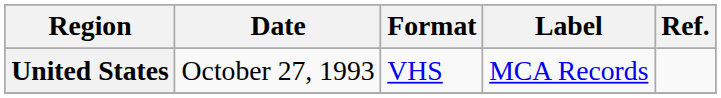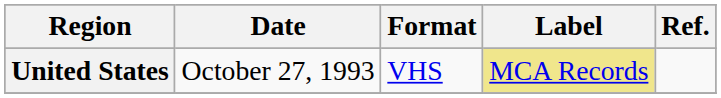 <table class="wikitable plainrowheaders">
 <tr>
 <th scope="col">Region</th>
 <th scope="col">Date</th>
 <th scope="col">Format</th>
 <th scope="col">Label</th>
 <th scope="col">Ref.</th>
 </tr>
 <tr>
 <th scope="row">United States</th>
 <td>October 27, 1993</td>
 <td><a href='#'>VHS</a></td>
-<td><a href='#'>MCA Records</a></td>
+<td style="background: khaki;"><a href='#'>MCA Records</a></td>
 <td></td>
 </tr>
 <tr>
 </tr>
 </table>
